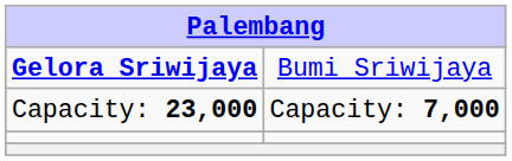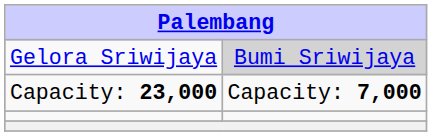 <table class="wikitable" style="text-align:center;">
 <tr>
 <th colspan=2 style = "background-color:#CCCCFF"> <a href='#'>Palembang</a></th>
 </tr>
 <tr>
-<td><strong><a href='#'>Gelora Sriwijaya</a></strong></td>
-<td><a href='#'>Bumi Sriwijaya</a></td>
+<td><a href='#'>Gelora Sriwijaya</a></td>
+<td style="background: lightgrey;"><a href='#'>Bumi Sriwijaya</a></td>
 </tr>
 <tr>
 <td>Capacity: <strong>23,000</strong></td>
 <td>Capacity: <strong>7,000</strong></td>
 </tr>
 <tr>
 <td></td>
 <td></td>
 </tr>
 <tr>
 <th colspan=3 rowspan=5 text-align="center"></th>
 </tr>
 </table>
